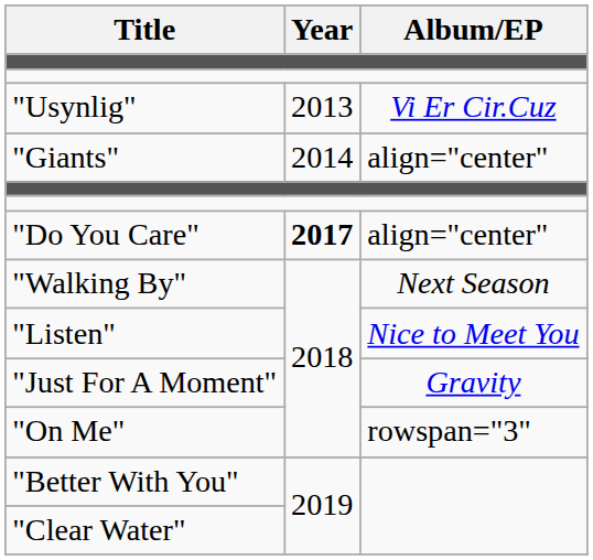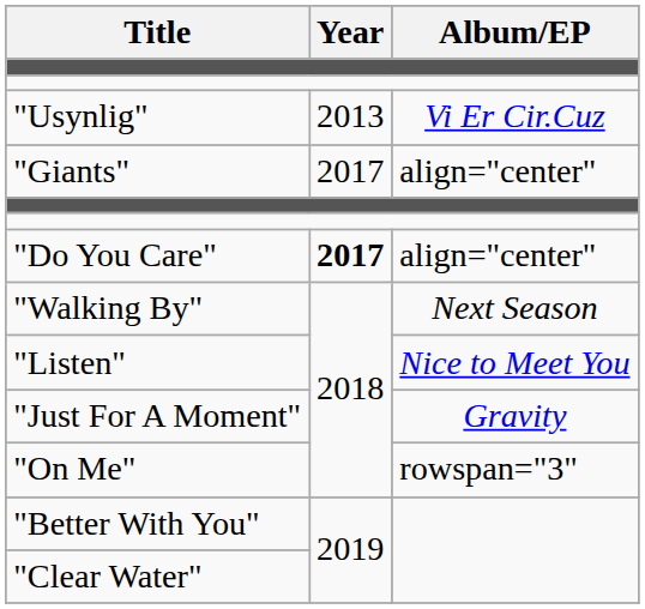 <table class="wikitable">
 <tr>
 <th>Title</th>
 <th>Year</th>
 <th>Album/EP</th>
 </tr>
 <tr>
 <td colspan="3" style="background:#555;"></td>
 </tr>
 <tr>
 <td colspan="3"></td>
 </tr>
 <tr>
 <td>"Usynlig" <br></td>
 <td align="center">2013</td>
 <td align="center"><em><a href='#'>Vi Er Cir.Cuz</a></em></td>
 </tr>
 <tr>
 <td>"Giants" <br></td>
-<td align="center">2014</td>
+<td align="center">2017</td>
 <td>align="center" </td>
 </tr>
 <tr>
 <td colspan="3" style="background:#555;"></td>
 </tr>
 <tr>
 <td colspan="3"></td>
 </tr>
 <tr>
 <td>"Do You Care" <br></td>
 <td align="center"><strong>2017</strong></td>
 <td>align="center" </td>
 </tr>
 <tr>
 <td>"Walking By" <br></td>
 <td align="center" rowspan=4>2018</td>
 <td align="center"><em>Next Season</em></td>
 </tr>
 <tr>
 <td>"Listen" <br></td>
 <td align="center"><em><a href='#'>Nice to Meet You</a></em></td>
 </tr>
 <tr>
 <td>"Just For A Moment" <br></td>
 <td align="center"><em><a href='#'>Gravity</a></em></td>
 </tr>
 <tr>
 <td>"On Me" <br></td>
 <td>rowspan="3" </td>
 </tr>
 <tr>
 <td>"Better With You" <br></td>
 <td align="center" rowspan=2>2019</td>
 </tr>
 <tr>
 <td>"Clear Water" <br></td>
 </tr>
 </table>
